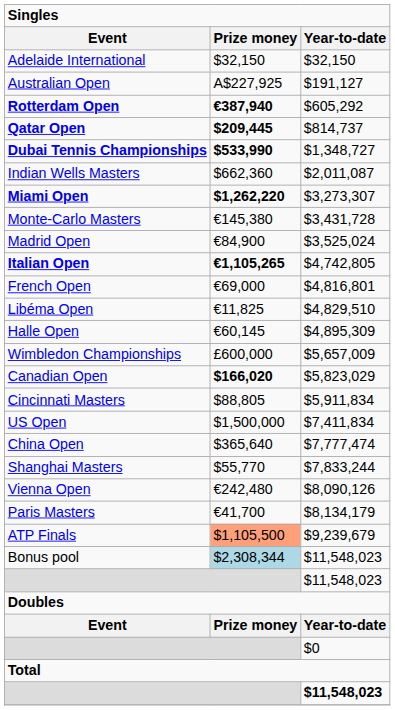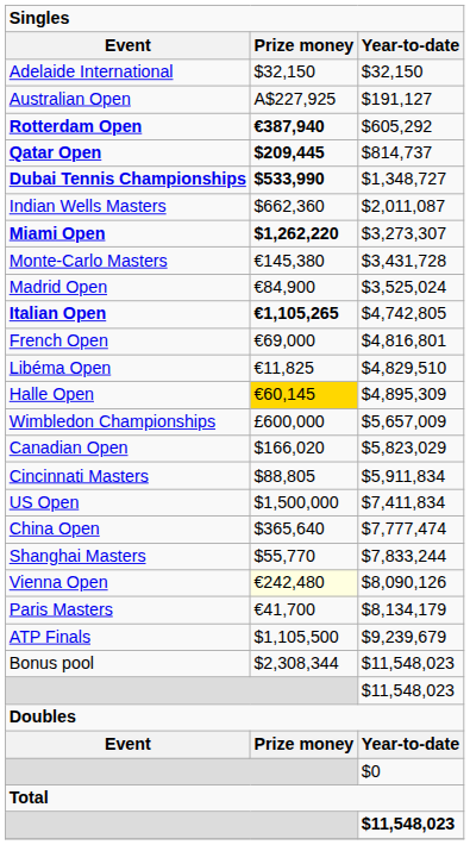 <table class="wikitable sortable">
 <tr>
 <td colspan=3><strong>Singles</strong></td>
 </tr>
 <tr>
 <th>Event</th>
 <th>Prize money</th>
 <th>Year-to-date</th>
 </tr>
 <tr>
 <td><a href='#'>Adelaide International</a></td>
 <td>$32,150</td>
 <td>$32,150</td>
 </tr>
 <tr>
 <td><a href='#'>Australian Open</a></td>
 <td>A$227,925</td>
 <td>$191,127</td>
 </tr>
 <tr>
 <td><strong><a href='#'>Rotterdam Open</a></strong></td>
 <td><strong>€387,940</strong></td>
 <td>$605,292</td>
 </tr>
 <tr>
 <td><strong><a href='#'>Qatar Open</a></strong></td>
 <td><strong>$209,445</strong></td>
 <td>$814,737</td>
 </tr>
 <tr>
 <td><strong><a href='#'>Dubai Tennis Championships</a></strong></td>
 <td><strong>$533,990</strong></td>
 <td>$1,348,727</td>
 </tr>
 <tr>
 <td><a href='#'>Indian Wells Masters</a></td>
 <td>$662,360</td>
 <td>$2,011,087</td>
 </tr>
 <tr>
 <td><strong><a href='#'>Miami Open</a></strong></td>
 <td><strong>$1,262,220</strong></td>
 <td>$3,273,307</td>
 </tr>
 <tr>
 <td><a href='#'>Monte-Carlo Masters</a></td>
 <td>€145,380</td>
 <td>$3,431,728</td>
 </tr>
 <tr>
 <td><a href='#'>Madrid Open</a></td>
 <td>€84,900</td>
 <td>$3,525,024</td>
 </tr>
 <tr>
 <td><strong><a href='#'>Italian Open</a></strong></td>
 <td><strong>€1,105,265</strong></td>
 <td>$4,742,805</td>
 </tr>
 <tr>
 <td><a href='#'>French Open</a></td>
 <td>€69,000</td>
 <td>$4,816,801</td>
 </tr>
 <tr>
 <td><a href='#'>Libéma Open</a></td>
 <td>€11,825</td>
 <td>$4,829,510</td>
 </tr>
 <tr>
 <td><a href='#'>Halle Open</a></td>
-<td>€60,145</td>
+<td style="background: gold;">€60,145</td>
 <td>$4,895,309</td>
 </tr>
 <tr>
 <td><a href='#'>Wimbledon Championships</a></td>
 <td>£600,000</td>
 <td>$5,657,009</td>
 </tr>
 <tr>
 <td><a href='#'>Canadian Open</a></td>
-<td><strong>$166,020</strong></td>
+<td>$166,020</td>
 <td>$5,823,029</td>
 </tr>
 <tr>
 <td><a href='#'>Cincinnati Masters</a></td>
 <td>$88,805</td>
 <td>$5,911,834</td>
 </tr>
 <tr>
 <td><a href='#'>US Open</a></td>
 <td>$1,500,000</td>
 <td>$7,411,834</td>
 </tr>
 <tr>
 <td><a href='#'>China Open</a></td>
 <td>$365,640</td>
 <td>$7,777,474</td>
 </tr>
 <tr>
 <td><a href='#'>Shanghai Masters</a></td>
 <td>$55,770</td>
 <td>$7,833,244</td>
 </tr>
 <tr>
 <td><a href='#'>Vienna Open</a></td>
-<td>€242,480</td>
+<td style="background: lightyellow;">€242,480</td>
 <td>$8,090,126</td>
 </tr>
 <tr>
 <td><a href='#'>Paris Masters</a></td>
 <td>€41,700</td>
 <td>$8,134,179</td>
 </tr>
 <tr>
 <td><a href='#'>ATP Finals</a></td>
-<td style="background: lightsalmon;">$1,105,500</td>
+<td>$1,105,500</td>
 <td>$9,239,679</td>
 </tr>
 <tr>
 <td>Bonus pool</td>
-<td style="background: lightblue;">$2,308,344</td>
+<td>$2,308,344</td>
 <td>$11,548,023</td>
 </tr>
 <tr class="sortbottom">
 <td colspan=2 bgcolor=#DCDCDC></td>
 <td>$11,548,023</td>
 </tr>
 <tr>
 <td colspan=3><strong>Doubles</strong></td>
 </tr>
 <tr>
 <th>Event</th>
 <th>Prize money</th>
 <th>Year-to-date</th>
 </tr>
 <tr>
 <td colspan=2 bgcolor=#DCDCDC></td>
 <td>$0</td>
 </tr>
 <tr>
 <td colspan=3><strong>Total</strong></td>
 </tr>
 <tr class="sortbottom">
 <td colspan=2 bgcolor=#DCDCDC></td>
 <td><strong>$11,548,023</strong></td>
 </tr>
 <tr>
 </tr>
 </table>
